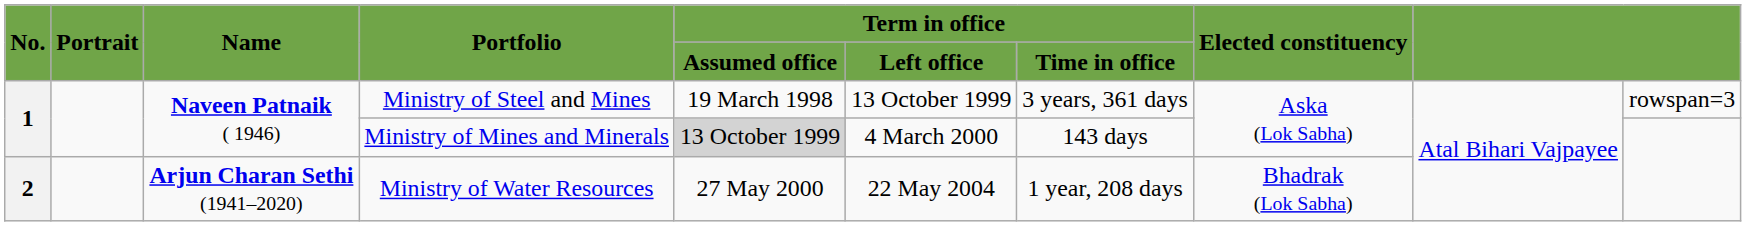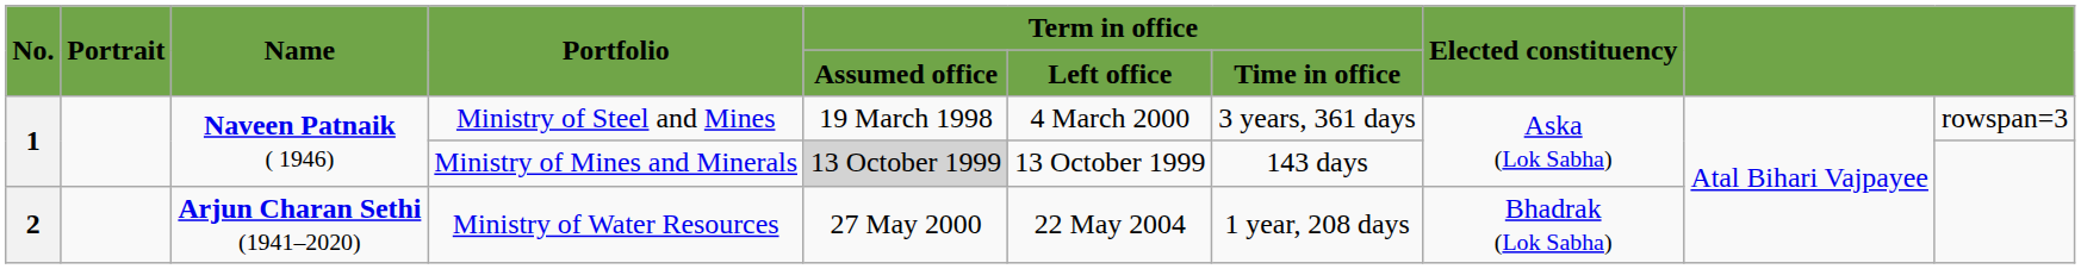 <table class="wikitable sortable" style="text-align:center;">
 <tr>
 <th rowspan=2 style="background-color:#70A548;color:black">No.</th>
 <th rowspan=2 style="background-color:#70A548;color:black">Portrait</th>
 <th rowspan=2 style="background-color:#70A548;color:black">Name<br></th>
 <th rowspan=2 style="background-color:#70A548;color:black">Portfolio</th>
 <th colspan=3 style="background-color:#70A548;color:black">Term in office</th>
 <th rowspan=2 style="background-color:#70A548;color:black">Elected constituency<br></th>
 <th rowspan=2 colspan=2 style="background-color:#70A548;color:black"><a href='#'></a></th>
 </tr>
 <tr>
 <th style="background-color:#70A548;color:black">Assumed office</th>
 <th style="background-color:#70A548;color:black">Left office</th>
 <th style="background-color:#70A548;color:black">Time in office</th>
 </tr>
 <tr>
 <th rowspan=2>1</th>
 <td rowspan=2></td>
 <td rowspan=2><strong><a href='#'>Naveen Patnaik</a></strong><br><small>( 1946)</small></td>
 <td><a href='#'>Ministry of Steel</a> and <a href='#'>Mines</a></td>
 <td>19 March 1998</td>
-<td>13 October 1999</td>
+<td>4 March 2000</td>
 <td>3 years, 361 days</td>
 <td rowspan=2><a href='#'>Aska</a><br><small>(<a href='#'>Lok Sabha</a>)</small></td>
 <td rowspan=3><a href='#'>Atal Bihari Vajpayee</a></td>
 <td>rowspan=3 </td>
 </tr>
 <tr>
 <td><a href='#'>Ministry of Mines and Minerals</a></td>
 <td style="background: lightgrey;">13 October 1999</td>
-<td>4 March 2000</td>
+<td>13 October 1999</td>
 <td>143 days</td>
 </tr>
 <tr>
 <th rowspan=2>2</th>
 <td rowspan=2></td>
 <td rowspan=2><strong><a href='#'>Arjun Charan Sethi</a></strong><br><small>(1941–2020)</small></td>
 <td><a href='#'>Ministry of Water Resources</a></td>
 <td>27 May 2000</td>
 <td>22 May 2004</td>
 <td>1 year, 208 days</td>
 <td><a href='#'>Bhadrak</a><br><small>(<a href='#'>Lok Sabha</a>)</small></td>
 </tr>
 </table>
